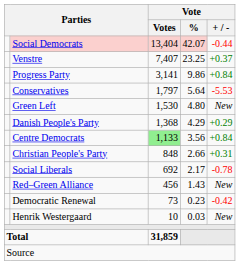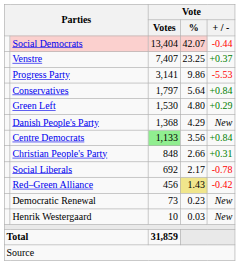 <table class="wikitable" style="text-align:right;">
 <tr>
 <th style="text-align:centre;" rowspan="2" colspan="2" width="225">Parties</th>
 <th colspan="3">Vote</th>
 </tr>
 <tr>
 <th width="15">Votes</th>
 <th width="15">%</th>
 <th width="15">+ / -</th>
 </tr>
 <tr>
 <td width="2" style="color:inherit;background:"></td>
 <td bgcolor=#fbd0ce  align="left"><a href='#'>Social Democrats</a></td>
 <td bgcolor=#fbd0ce>13,404</td>
 <td bgcolor=#fbd0ce>42.07</td>
 <td style=color:red;>-0.44</td>
 </tr>
 <tr>
 <td width="2" style="color:inherit;background:"></td>
 <td align="left"><a href='#'>Venstre</a></td>
 <td>7,407</td>
 <td>23.25</td>
 <td style=color:green;>+0.37</td>
 </tr>
 <tr>
 <td width="2" style="color:inherit;background:"></td>
 <td align="left"><a href='#'>Progress Party</a></td>
 <td>3,141</td>
 <td>9.86</td>
-<td style=color:green;>+0.84</td>
+<td style=color:red;>-5.53</td>
 </tr>
 <tr>
 <td width="2" style="color:inherit;background:"></td>
 <td align="left"><a href='#'>Conservatives</a></td>
 <td>1,797</td>
 <td>5.64</td>
-<td style=color:red;>-5.53</td>
+<td style=color:green;>+0.84</td>
 </tr>
 <tr>
 <td width="2" style="color:inherit;background:"></td>
 <td align="left"><a href='#'>Green Left</a></td>
 <td>1,530</td>
 <td>4.80</td>
-<td><em>New</em></td>
+<td style=color:green;>+0.29</td>
 </tr>
 <tr>
 <td width="2" style="color:inherit;background:"></td>
 <td align="left"><a href='#'>Danish People's Party</a></td>
 <td>1,368</td>
 <td>4.29</td>
-<td style=color:green;>+0.29</td>
+<td><em>New</em></td>
 </tr>
 <tr>
 <td width="2" style="color:inherit;background:"></td>
 <td align="left"><a href='#'>Centre Democrats</a></td>
 <td style="background: lightgreen;">1,133</td>
 <td>3.56</td>
 <td style=color:green;>+0.84</td>
 </tr>
 <tr>
 <td width="2" style="color:inherit;background:"></td>
 <td align="left"><a href='#'>Christian People's Party</a></td>
 <td>848</td>
 <td>2.66</td>
 <td style=color:green;>+0.31</td>
 </tr>
 <tr>
 <td width="2" style="color:inherit;background:"></td>
 <td align="left"><a href='#'>Social Liberals</a></td>
 <td>692</td>
 <td>2.17</td>
 <td style=color:red;>-0.78</td>
 </tr>
 <tr>
 <td width="2" style="color:inherit;background:"></td>
 <td align="left"><a href='#'>Red–Green Alliance</a></td>
 <td>456</td>
-<td>1.43</td>
-<td><em>New</em></td>
+<td style="background: khaki;">1.43</td>
+<td style=color:red;>-0.42</td>
 </tr>
 <tr>
 <td width="2" style="color:inherit;background:"></td>
 <td align="left">Democratic Renewal</td>
 <td>73</td>
 <td>0.23</td>
-<td style=color:red;>-0.42</td>
+<td><em>New</em></td>
 </tr>
 <tr>
 <td width="2" style="color:inherit;background:"></td>
 <td align="left">Henrik Westergaard</td>
 <td>10</td>
 <td>0.03</td>
 <td><em>New</em></td>
 </tr>
 <tr>
 <td colspan="7" bgcolor="#E9E9E9"></td>
 </tr>
 <tr>
 <td align="left" colspan="2"><strong>Total</strong></td>
 <td><strong>31,859</strong></td>
 <td bgcolor="#E9E9E9" colspan="2"></td>
 </tr>
 <tr>
 <td align="left" colspan="6">Source</td>
 </tr>
 </table>
